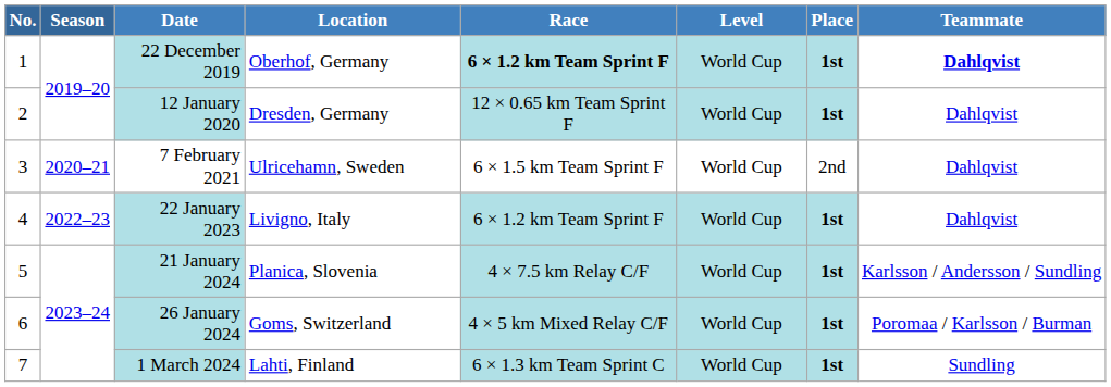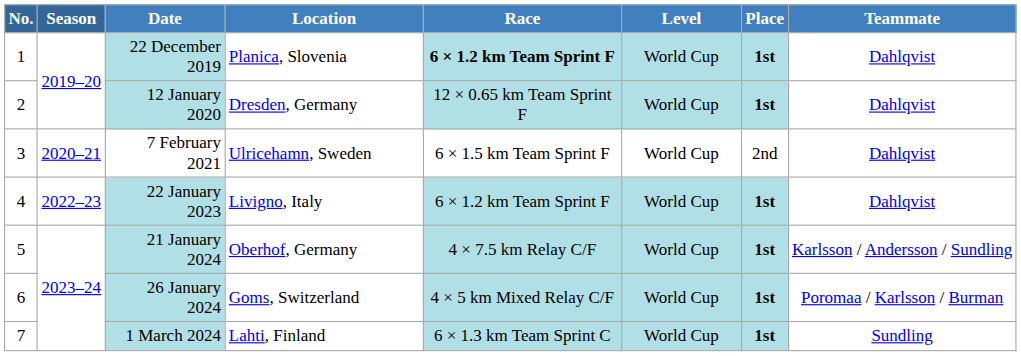 <table class="wikitable sortable" style="font-size:95%; text-align:center; border:grey solid 1px; border-collapse:collapse; background:#ffffff;">
 <tr style="background:#efefef;">
 <th style="background-color:#369; color:white;">No.</th>
 <th style="background-color:#369; color:white;">Season</th>
 <th style="background-color:#4180be; color:white; width:100px;">Date</th>
 <th style="background-color:#4180be; color:white; width:170px;">Location</th>
 <th style="background-color:#4180be; color:white; width:170px;">Race</th>
 <th style="background-color:#4180be; color:white; width:100px;">Level</th>
 <th style="background-color:#4180be; color:white;">Place</th>
 <th style="background-color:#4180be; color:white;">Teammate</th>
 </tr>
 <tr>
 <td align=center>1</td>
 <td rowspan=2 align=center><a href='#'>2019–20</a></td>
 <td bgcolor="#BOEOE6" align=right>22 December 2019</td>
-<td align=left> <a href='#'>Oberhof</a>, Germany</td>
+<td align=left> <a href='#'>Planica</a>, Slovenia</td>
 <td bgcolor="#BOEOE6"><strong>6 × 1.2 km Team Sprint F</strong></td>
 <td bgcolor="#BOEOE6">World Cup</td>
 <td bgcolor="#BOEOE6"><strong>1st</strong></td>
-<td><strong><a href='#'>Dahlqvist</a></strong></td>
+<td><a href='#'>Dahlqvist</a></td>
 </tr>
 <tr>
 <td align=center>2</td>
 <td bgcolor="#BOEOE6" align=right>12 January 2020</td>
 <td align=left> <a href='#'>Dresden</a>, Germany</td>
 <td bgcolor="#BOEOE6">12 × 0.65 km Team Sprint F</td>
 <td bgcolor="#BOEOE6">World Cup</td>
 <td bgcolor="#BOEOE6"><strong>1st</strong></td>
 <td><a href='#'>Dahlqvist</a></td>
 </tr>
 <tr>
 <td align=center>3</td>
 <td rowspan=1 align=center><a href='#'>2020–21</a></td>
 <td align=right>7 February 2021</td>
 <td align=left> <a href='#'>Ulricehamn</a>, Sweden</td>
 <td>6 × 1.5 km Team Sprint F</td>
 <td>World Cup</td>
 <td>2nd</td>
 <td><a href='#'>Dahlqvist</a></td>
 </tr>
 <tr>
 <td align=center>4</td>
 <td rowspan=1 align=center><a href='#'>2022–23</a></td>
 <td bgcolor="#BOEOE6" align=right>22 January 2023</td>
 <td align=left> <a href='#'>Livigno</a>, Italy</td>
 <td bgcolor="#BOEOE6">6 × 1.2 km Team Sprint F</td>
 <td bgcolor="#BOEOE6">World Cup</td>
 <td bgcolor="#BOEOE6"><strong>1st</strong></td>
 <td><a href='#'>Dahlqvist</a></td>
 </tr>
 <tr>
 <td align=center>5</td>
 <td rowspan=3 align=center><a href='#'>2023–24</a></td>
 <td bgcolor="#BOEOE6" align=right>21 January 2024</td>
-<td align=left> <a href='#'>Planica</a>, Slovenia</td>
+<td align=left> <a href='#'>Oberhof</a>, Germany</td>
 <td bgcolor="#BOEOE6">4 × 7.5 km Relay C/F</td>
 <td bgcolor="#BOEOE6">World Cup</td>
 <td bgcolor="#BOEOE6"><strong>1st</strong></td>
 <td><a href='#'>Karlsson</a> / <a href='#'>Andersson</a> / <a href='#'>Sundling</a></td>
 </tr>
 <tr>
 <td align=center>6</td>
 <td bgcolor="#BOEOE6" align=right>26 January 2024</td>
 <td align=left> <a href='#'>Goms</a>, Switzerland</td>
 <td bgcolor="#BOEOE6">4 × 5 km Mixed Relay C/F</td>
 <td bgcolor="#BOEOE6">World Cup</td>
 <td bgcolor="#BOEOE6"><strong>1st</strong></td>
 <td><a href='#'>Poromaa</a> / <a href='#'>Karlsson</a> / <a href='#'>Burman</a></td>
 </tr>
 <tr>
 <td align=center>7</td>
 <td bgcolor="#BOEOE6" align=right>1 March 2024</td>
 <td align=left> <a href='#'>Lahti</a>, Finland</td>
 <td bgcolor="#BOEOE6">6 × 1.3 km Team Sprint C</td>
 <td bgcolor="#BOEOE6">World Cup</td>
 <td bgcolor="#BOEOE6"><strong>1st</strong></td>
 <td><a href='#'>Sundling</a></td>
 </tr>
 </table>
